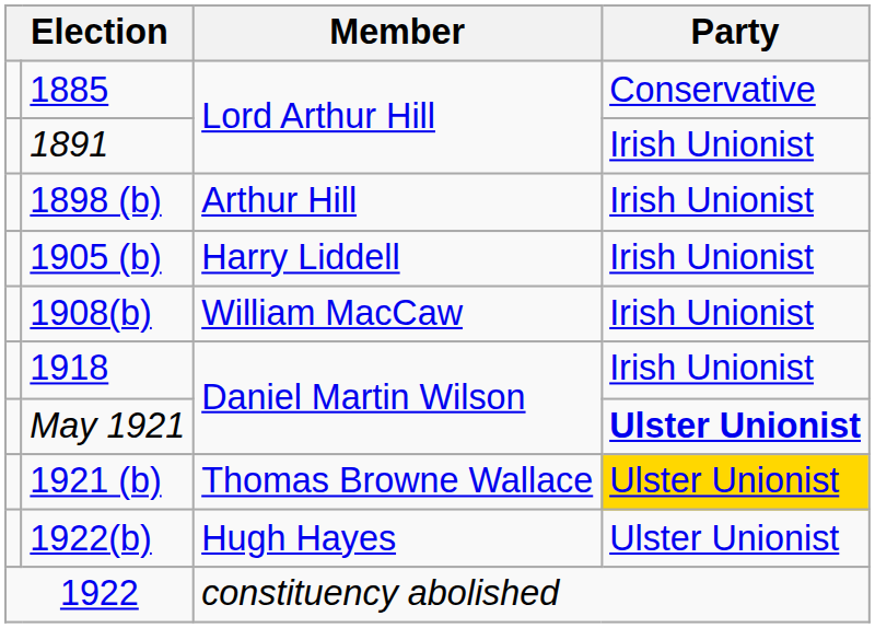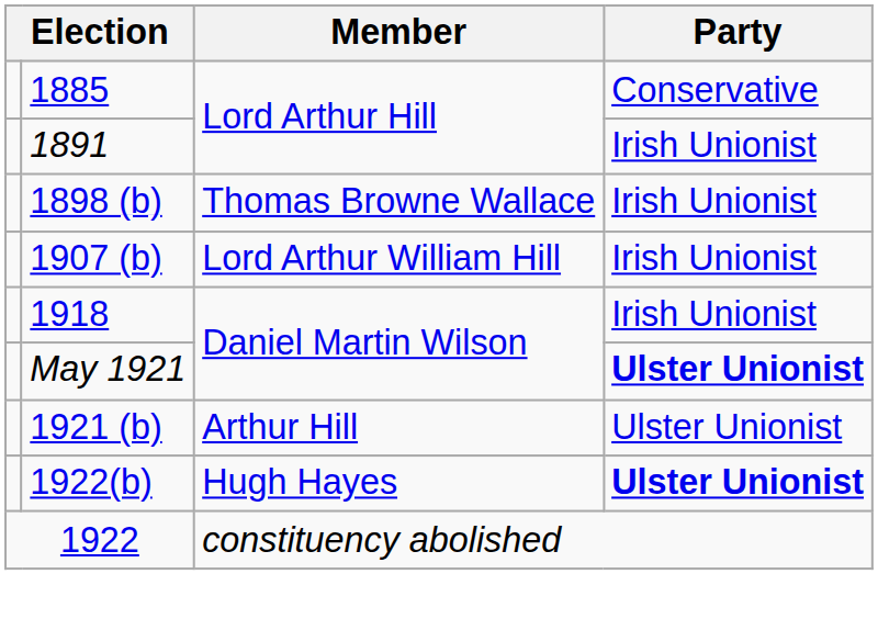 <table class="wikitable">
 <tr>
 <th colspan="2">Election</th>
 <th>Member</th>
 <th>Party</th>
 </tr>
 <tr>
 <td style="color:inherit;background-color: "></td>
 <td><a href='#'>1885</a></td>
 <td rowspan="2"><a href='#'>Lord Arthur Hill</a></td>
 <td><a href='#'>Conservative</a></td>
 </tr>
 <tr>
 <td style="color:inherit;background-color: "></td>
 <td><em>1891</em></td>
 <td><a href='#'>Irish Unionist</a></td>
 </tr>
 <tr>
 <td style="color:inherit;background-color: "></td>
 <td><a href='#'>1898 (b)</a></td>
-<td><a href='#'>Arthur Hill</a></td>
+<td><a href='#'>Thomas Browne Wallace</a></td>
 <td><a href='#'>Irish Unionist</a></td>
 </tr>
 <tr>
 <td style="color:inherit;background-color: "></td>
-<td><a href='#'>1905 (b)</a></td>
-<td><a href='#'>Harry Liddell</a></td>
-<td><a href='#'>Irish Unionist</a></td>
-</tr>
-<tr>
-<td style="color:inherit;background-color: "></td>
-<td><a href='#'>1908(b)</a></td>
-<td><a href='#'>William MacCaw</a></td>
+<td><a href='#'>1907 (b)</a></td>
+<td><a href='#'>Lord Arthur William Hill</a></td>
 <td><a href='#'>Irish Unionist</a></td>
 </tr>
 <tr>
 <td style="color:inherit;background-color: "></td>
 <td><a href='#'>1918</a></td>
 <td rowspan="2"><a href='#'>Daniel Martin Wilson</a></td>
 <td><a href='#'>Irish Unionist</a></td>
 </tr>
 <tr>
 <td style="color:inherit;background-color: "></td>
 <td><em>May 1921</em></td>
 <td><strong><a href='#'>Ulster Unionist</a></strong></td>
 </tr>
 <tr>
 <td style="color:inherit;background-color: "></td>
 <td><a href='#'>1921 (b)</a></td>
-<td><a href='#'>Thomas Browne Wallace</a></td>
-<td style="background: gold;"><a href='#'>Ulster Unionist</a></td>
+<td><a href='#'>Arthur Hill</a></td>
+<td><a href='#'>Ulster Unionist</a></td>
 </tr>
 <tr>
 <td style="color:inherit;background-color: "></td>
 <td><a href='#'>1922(b)</a></td>
 <td><a href='#'>Hugh Hayes</a></td>
-<td><a href='#'>Ulster Unionist</a></td>
+<td><strong><a href='#'>Ulster Unionist</a></strong></td>
 </tr>
 <tr>
 <td colspan="2" align="center"><a href='#'>1922</a></td>
 <td colspan="2"><em>constituency abolished</em></td>
 </tr>
 </table>
